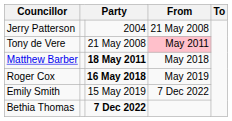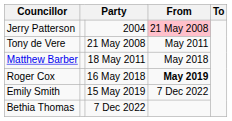 <table class=wikitable>
 <tr>
 <th>Councillor</th>
 <th colspan=2>Party</th>
 <th>From</th>
 <th>To</th>
 </tr>
 <tr>
 <td>Jerry Patterson</td>
 <td></td>
 <td align=right>2004</td>
-<td align=right>21 May 2008</td>
+<td align=right style="background: pink;">21 May 2008</td>
 </tr>
 <tr>
 <td>Tony de Vere</td>
 <td></td>
 <td align=right>21 May 2008</td>
-<td align=right style="background: pink;">May 2011</td>
+<td align=right>May 2011</td>
 </tr>
 <tr>
 <td><a href='#'>Matthew Barber</a></td>
 <td></td>
-<td align=right><strong>18 May 2011</strong></td>
+<td align=right>18 May 2011</td>
 <td align=right>May 2018</td>
 </tr>
 <tr>
 <td>Roger Cox</td>
 <td></td>
-<td align=right><strong>16 May 2018</strong></td>
-<td align=right>May 2019</td>
+<td align=right>16 May 2018</td>
+<td align=right><strong>May 2019</strong></td>
 </tr>
 <tr>
 <td>Emily Smith</td>
 <td></td>
 <td align=right>15 May 2019</td>
 <td align=right>7 Dec 2022</td>
 </tr>
 <tr>
 <td>Bethia Thomas</td>
 <td></td>
-<td align=right><strong>7 Dec 2022</strong></td>
+<td align=right>7 Dec 2022</td>
 <td align=right></td>
 </tr>
 </table>
